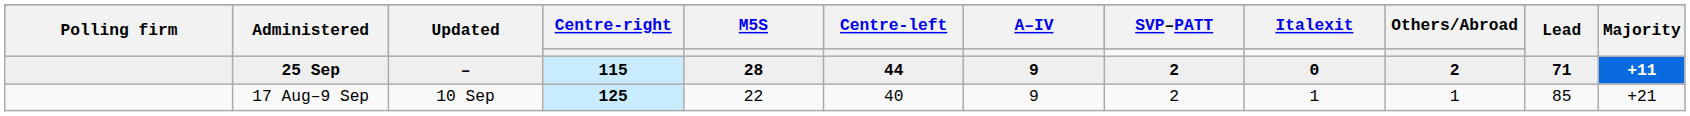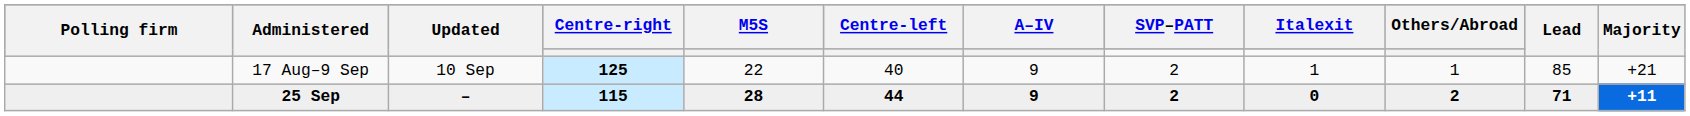 <table class="wikitable mw-collapsible" style="text-align:center;font-size:85%;line-height:13px">
 <tr style="height:30px; background-color:#8B8B8B">
 <th rowspan="2" style="width:150px;">Polling firm</th>
 <th rowspan="2" style="width:100px;">Administered</th>
 <th rowspan="2" style="width:100px;">Updated</th>
 <th style="width:90px;"><a href='#'>Centre-right</a></th>
 <th style="width:90px;"><a href='#'>M5S</a></th>
 <th style="width:90px;"><a href='#'>Centre-left</a></th>
 <th style="width:90px;"><a href='#'>A–IV</a></th>
 <th style="width:90px;"><a href='#'>SVP</a>–<a href='#'>PATT</a></th>
 <th style="width:90px;"><a href='#'>Italexit</a></th>
 <th style="width:90px;">Others/Abroad</th>
 <th style="width:45px;" rowspan="2">Lead</th>
 <th style="width:45px;" rowspan="2">Majority</th>
 </tr>
 <tr>
 <th style="background:"></th>
 <th style="background:"></th>
 <th style="background:"></th>
 <th style="background:"></th>
 <td></td>
 <td></td>
 <th style="background:"></th>
 </tr>
+<tr>
+<td></td>
+<td>17 Aug–9 Sep</td>
+<td>10 Sep</td>
+<td style="background:#C8EBFF"><strong>125</strong></td>
+<td>22</td>
+<td>40</td>
+<td>9</td>
+<td>2</td>
+<td>1</td>
+<td>1</td>
+<td style="background:">85</td>
+<td style="background:">+21</td>
+</tr>
 <tr style="background:#EFEFEF; font-weight:bold;">
 <td> </td>
 <td>25 Sep</td>
 <td>–</td>
 <td style="background:#C8EBFF">115</td>
 <td>28</td>
 <td>44</td>
 <td>9</td>
 <td>2</td>
 <td>0</td>
 <td>2</td>
 <td style="background:">71</td>
 <td style="background:#0A6BE1; color:white;">+11</td>
 </tr>
-<tr>
-<td></td>
-<td>17 Aug–9 Sep</td>
-<td>10 Sep</td>
-<td style="background:#C8EBFF"><strong>125</strong></td>
-<td>22</td>
-<td>40</td>
-<td>9</td>
-<td>2</td>
-<td>1</td>
-<td>1</td>
-<td style="background:">85</td>
-<td style="background:">+21</td>
-</tr>
 </table>
